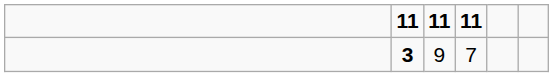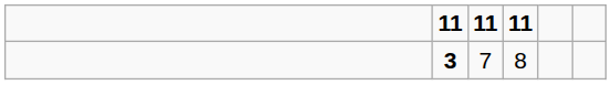 <table class="wikitable">
 <tr>
 <td style="width:18em"></td>
 <td align=center style="width:1em"><strong>11</strong></td>
 <td align=center style="width:1em"><strong>11</strong></td>
 <td align=center style="width:1em"><strong>11</strong></td>
 <td align=center style="width:1em"></td>
 <td align=center style="width:1em"></td>
 </tr>
 <tr>
 <td style="width:18em"></td>
 <td align=center style="width:1em"><strong>3</strong></td>
-<td align=center style="width:1em">9</td>
 <td align=center style="width:1em">7</td>
+<td align=center style="width:1em">8</td>
 <td align=center style="width:1em"></td>
 <td align=center style="width:1em"></td>
 </tr>
 </table>
